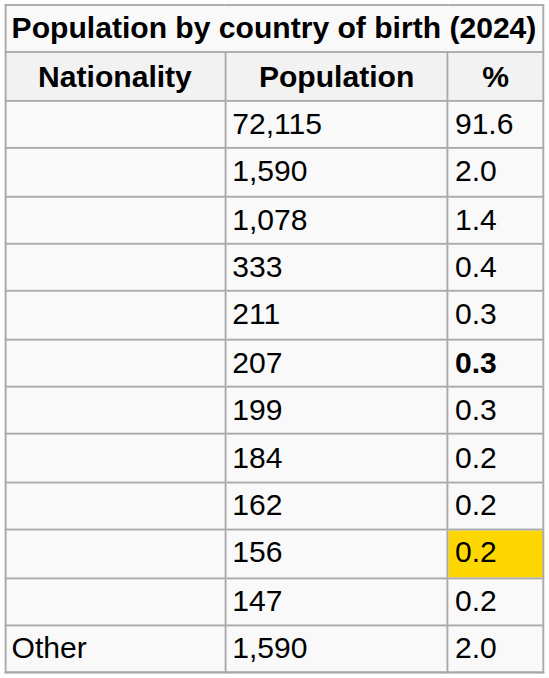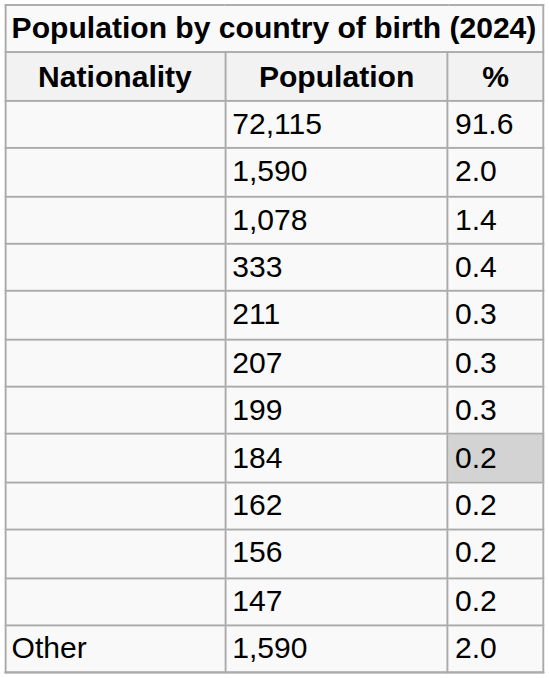 <table class="wikitable" style="float:right;">
 <tr>
 <td colspan="3"><strong>Population by country of birth (2024)</strong></td>
 </tr>
 <tr \>
 <th>Nationality</th>
 <th>Population</th>
 <th>%</th>
 </tr>
 <tr>
 <td></td>
 <td>72,115</td>
 <td>91.6</td>
 </tr>
 <tr>
 <td></td>
 <td>1,590</td>
 <td>2.0</td>
 </tr>
 <tr>
 <td></td>
 <td>1,078</td>
 <td>1.4</td>
 </tr>
 <tr>
 <td></td>
 <td>333</td>
 <td>0.4</td>
 </tr>
 <tr>
 <td></td>
 <td>211</td>
 <td>0.3</td>
 </tr>
 <tr>
 <td></td>
 <td>207</td>
-<td><strong>0.3</strong></td>
+<td>0.3</td>
 </tr>
 <tr>
 <td></td>
 <td>199</td>
 <td>0.3</td>
 </tr>
 <tr>
 <td></td>
 <td>184</td>
-<td>0.2</td>
+<td style="background: lightgrey;">0.2</td>
 </tr>
 <tr>
 <td></td>
 <td>162</td>
 <td>0.2</td>
 </tr>
 <tr>
 <td></td>
 <td>156</td>
-<td style="background: gold;">0.2</td>
+<td>0.2</td>
 </tr>
 <tr>
 <td></td>
 <td>147</td>
 <td>0.2</td>
 </tr>
 <tr>
 <td>Other</td>
 <td>1,590</td>
 <td>2.0</td>
 </tr>
 <tr>
 </tr>
 </table>
